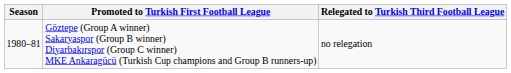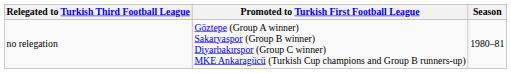 <table class="wikitable">
 <tr>
+<th>Relegated to <a href='#'>Turkish Third Football League</a></th>
+<th>Promoted to <a href='#'>Turkish First Football League</a></th>
 <th>Season</th>
-<th>Promoted to <a href='#'>Turkish First Football League</a></th>
-<th>Relegated to <a href='#'>Turkish Third Football League</a></th>
 </tr>
 <tr>
+<td>no relegation</td>
+<td><a href='#'>Göztepe</a> (Group A winner)<br><a href='#'>Sakaryaspor</a> (Group B winner)<br><a href='#'>Diyarbakırspor</a> (Group C winner)<br><a href='#'>MKE Ankaragücü</a> (Turkish Cup champions and Group B runners-up)</td>
 <td>1980–81</td>
-<td><a href='#'>Göztepe</a> (Group A winner)<br><a href='#'>Sakaryaspor</a> (Group B winner)<br><a href='#'>Diyarbakırspor</a> (Group C winner)<br><a href='#'>MKE Ankaragücü</a> (Turkish Cup champions and Group B runners-up)</td>
-<td>no relegation</td>
 </tr>
 </table>
